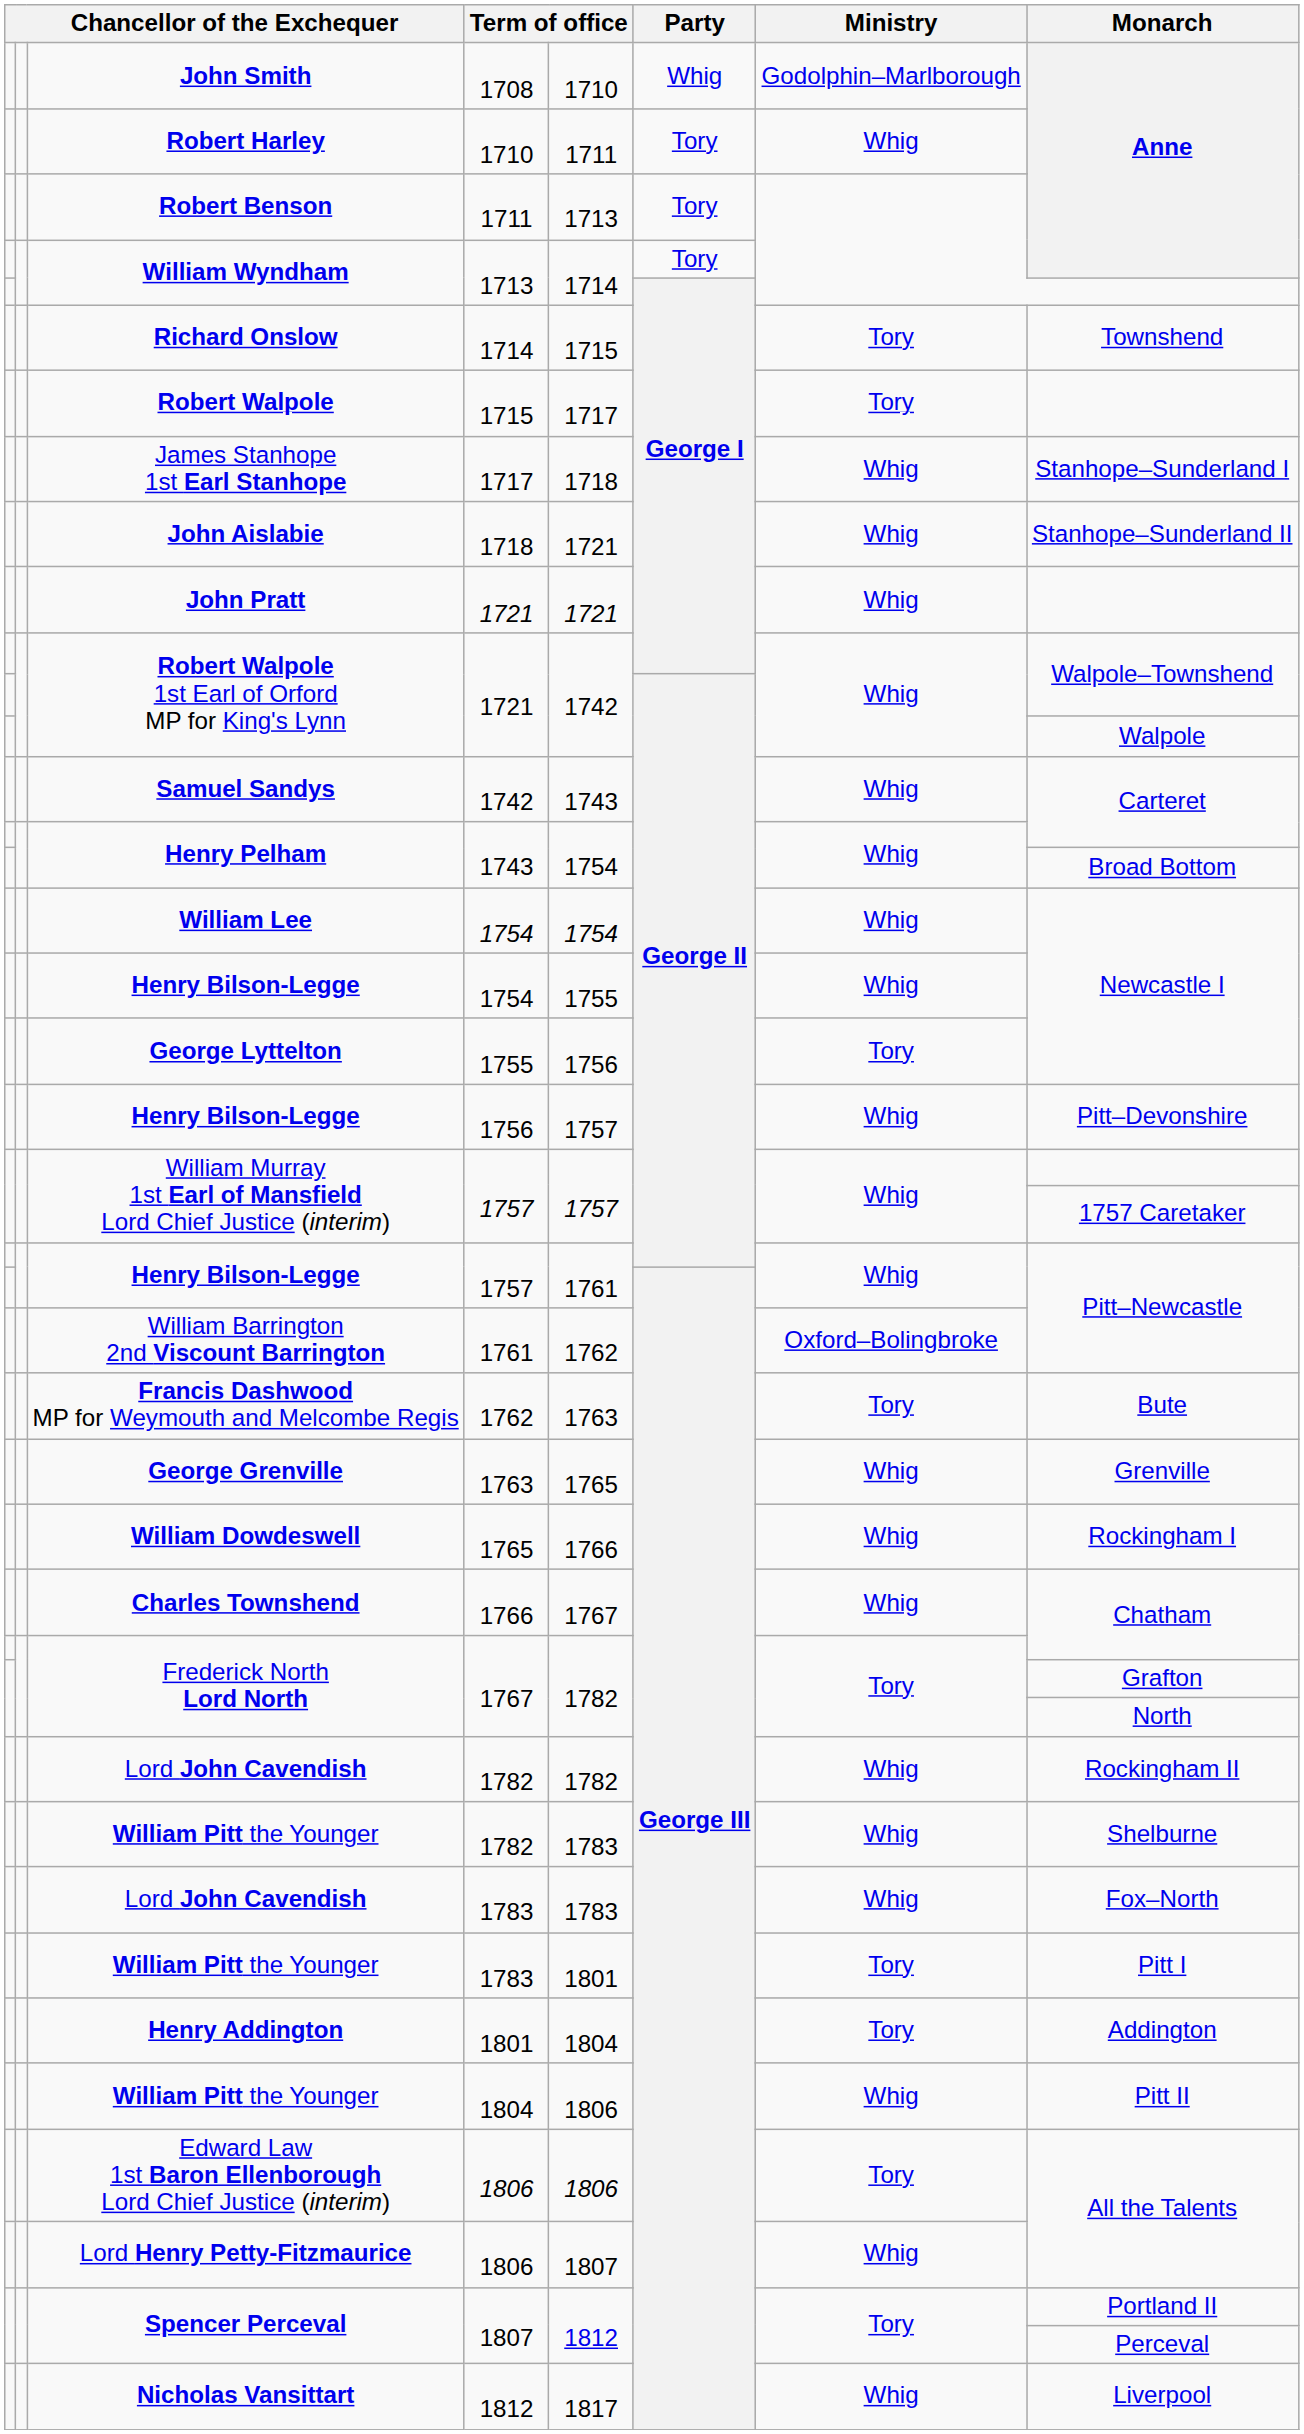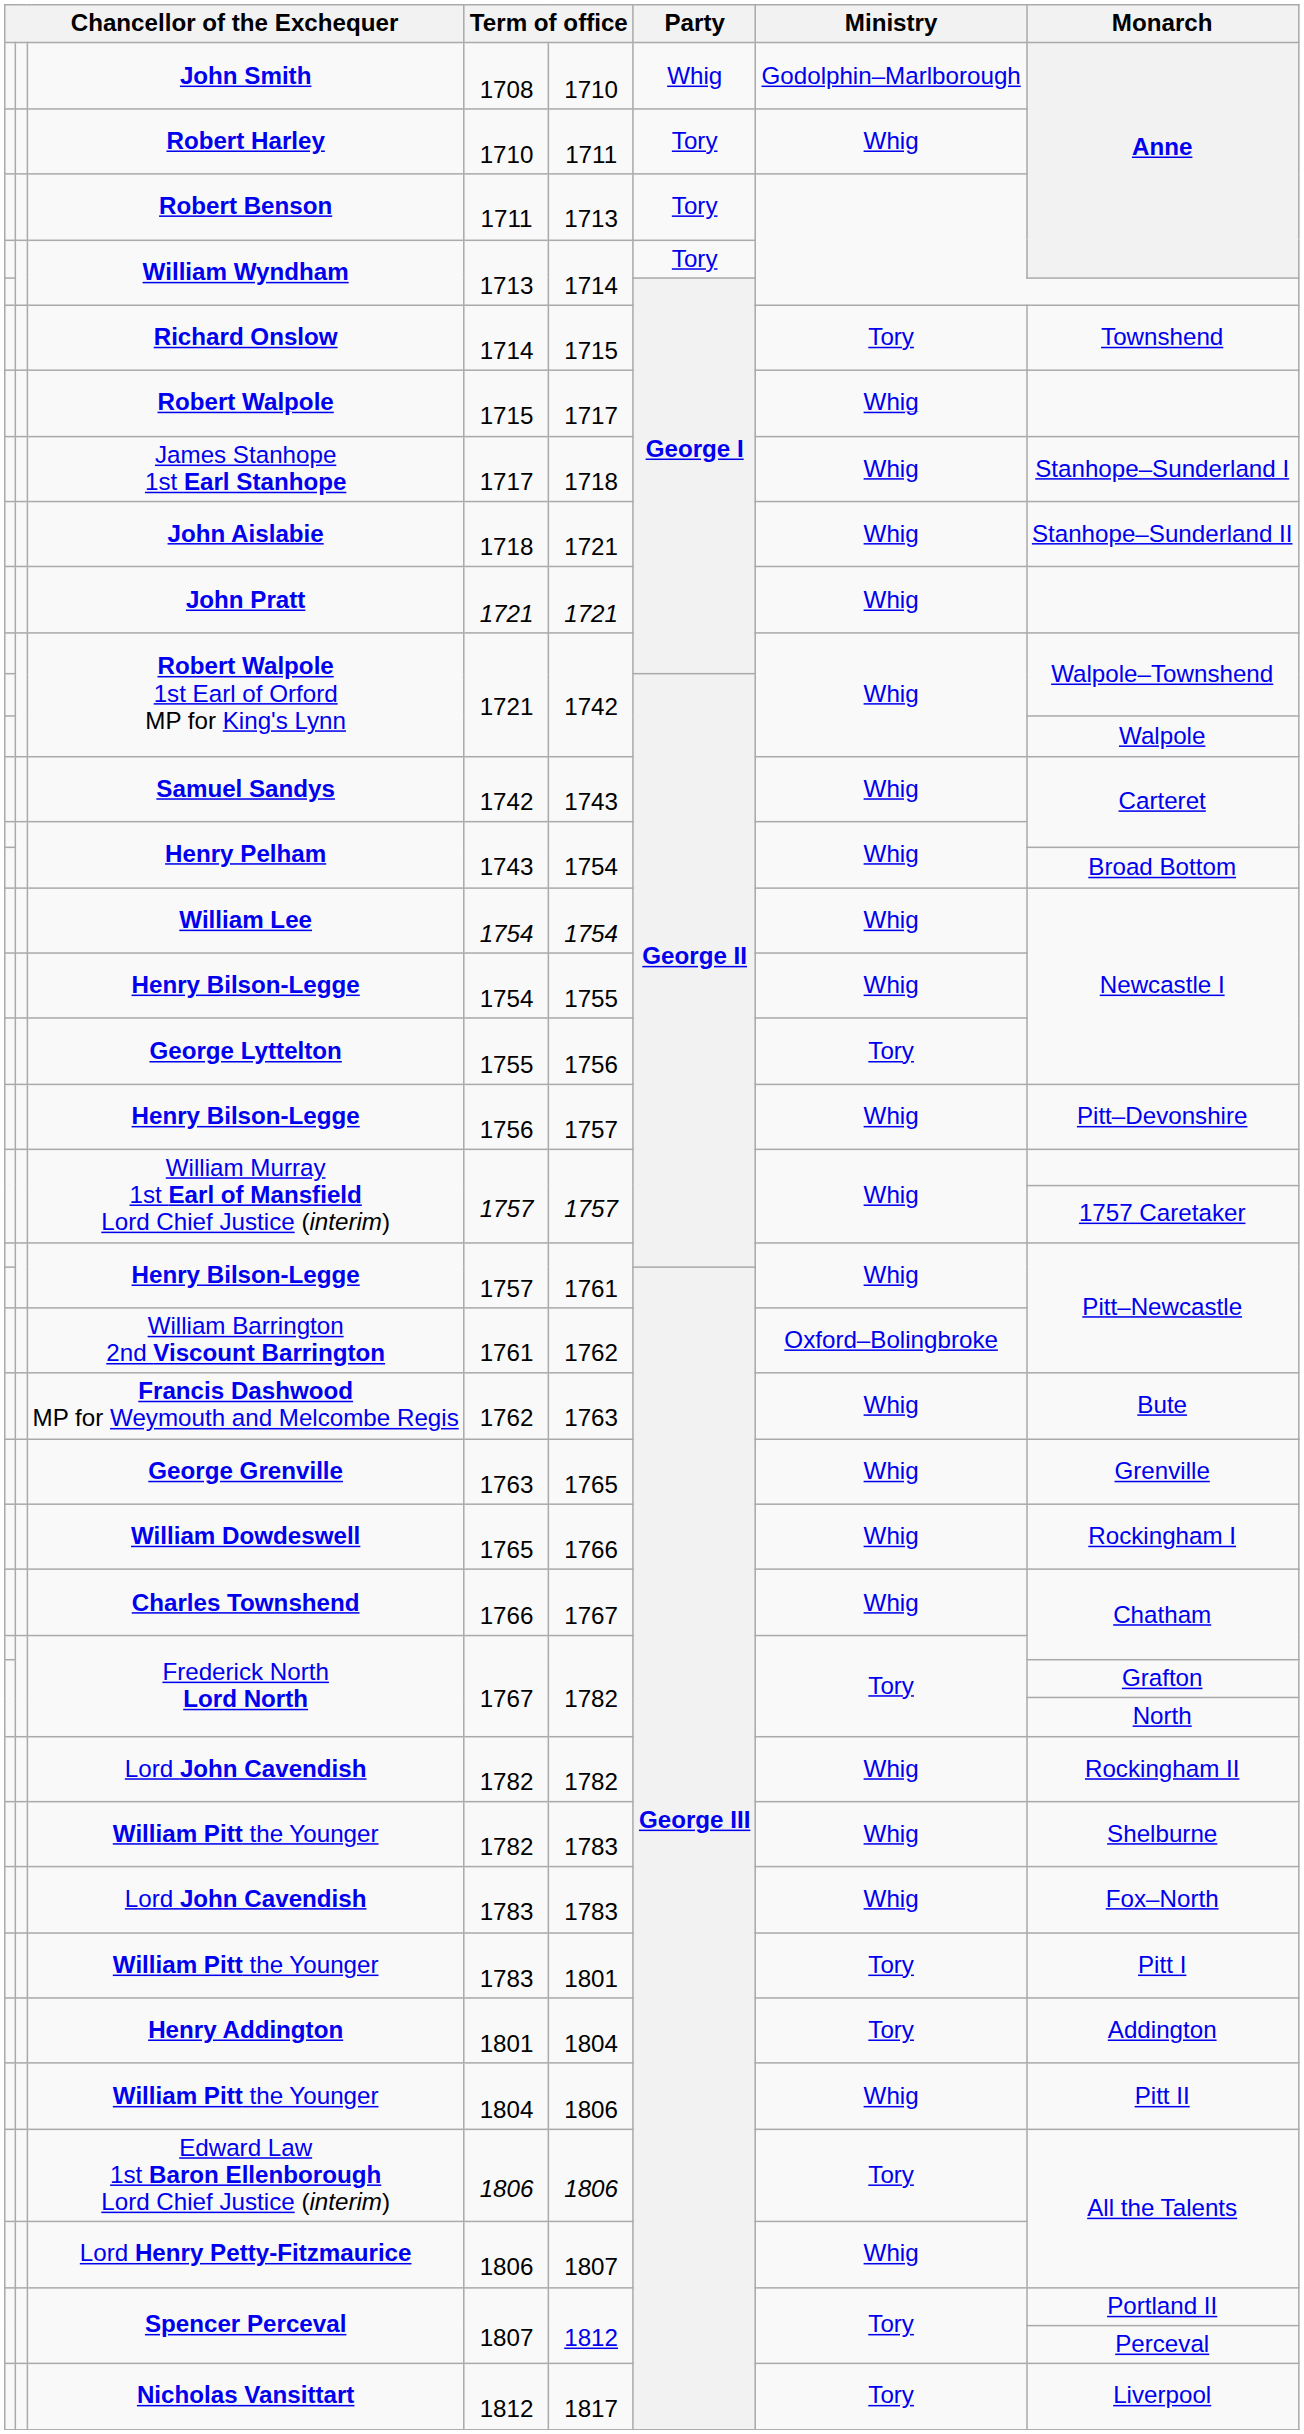 <table class="wikitable plainrowheaders" style="text-align:center">
 <tr>
 <th colspan=3>Chancellor of the Exchequer</th>
 <th colspan=2>Term of office</th>
 <th>Party</th>
 <th>Ministry</th>
 <th>Monarch<br></th>
 </tr>
 <tr style="height:1em">
 <td style="background-color:"></td>
 <td></td>
 <td><a href='#'><strong>John Smith</strong></a><br></td>
 <td class=nowrap><br>1708</td>
 <td class=nowrap><br>1710</td>
 <td><a href='#'>Whig</a></td>
 <td><a href='#'>Godolphin–Marlborough</a><br></td>
 <th scope=row style="text-align:center" rowspan=4><strong><a href='#'>Anne</a></strong><br><br></th>
 </tr>
 <tr style="height:1em">
 <td style="background-color:"></td>
 <td></td>
 <td><a href='#'><strong>Robert Harley</strong></a><br></td>
 <td class=nowrap><br>1710</td>
 <td class=nowrap><br>1711</td>
 <td><a href='#'>Tory</a></td>
 <td><a href='#'>Whig</a></td>
 </tr>
 <tr style="height:1em">
 <td style="background-color:"></td>
 <td></td>
 <td><a href='#'><strong>Robert Benson</strong></a><br></td>
 <td class=nowrap><br>1711</td>
 <td class=nowrap><br>1713</td>
 <td><a href='#'>Tory</a></td>
 </tr>
 <tr style="height:1em">
 <td style="background-color:"></td>
 <td rowspan=2></td>
 <td rowspan=2><a href='#'><strong>William Wyndham</strong></a><br></td>
 <td class=nowrap rowspan=2><br>1713</td>
 <td class=nowrap rowspan=2><br>1714</td>
 <td><a href='#'>Tory</a></td>
 </tr>
 <tr style="height:1em">
 <td style="background-color:"></td>
 <th scope=row style="text-align:center" rowspan=7><strong><a href='#'>George I</a></strong><br><br><br></th>
 </tr>
 <tr style="height:1em">
 <td style="background-color:"></td>
 <td></td>
 <td><a href='#'><strong>Richard Onslow</strong></a><br></td>
 <td class=nowrap><br>1714</td>
 <td class=nowrap><br>1715</td>
 <td><a href='#'>Tory</a></td>
 <td><a href='#'>Townshend</a></td>
 </tr>
 <tr style="height:1em">
 <td style="background-color:"></td>
 <td></td>
 <td><strong><a href='#'>Robert Walpole</a></strong><br></td>
 <td class=nowrap><br>1715</td>
 <td class=nowrap><br>1717</td>
-<td><a href='#'>Tory</a></td>
+<td><a href='#'>Whig</a></td>
 </tr>
 <tr style="height:1em">
 <td style="background-color:"></td>
 <td></td>
 <td><a href='#'>James Stanhope<br>1st <strong>Earl Stanhope</strong></a></td>
 <td class=nowrap><br>1717</td>
 <td class=nowrap><br>1718</td>
 <td><a href='#'>Whig</a></td>
 <td><a href='#'>Stanhope–Sunderland I</a></td>
 </tr>
 <tr style="height:1em">
 <td style="background-color:"></td>
 <td></td>
 <td><strong><a href='#'>John Aislabie</a></strong><br></td>
 <td class=nowrap><br>1718</td>
 <td class=nowrap><br>1721</td>
 <td><a href='#'>Whig</a></td>
 <td><a href='#'>Stanhope–Sunderland II</a></td>
 </tr>
 <tr style="height:1em">
 <td style="background-color:"></td>
 <td></td>
 <td><a href='#'><strong>John Pratt</strong></a><br></td>
 <td class=nowrap><em><br>1721</em></td>
 <td class=nowrap><em><br>1721</em></td>
 <td><a href='#'>Whig</a></td>
 </tr>
 <tr style="height:1em">
 <td height=20 style="background-color:"></td>
 <td rowspan=3></td>
 <td rowspan=3 class=nowrap><a href='#'><strong>Robert Walpole</strong><br>1st Earl of Orford</a><br>MP for <a href='#'>King's Lynn</a></td>
 <td rowspan=3 class=nowrap><br>1721</td>
 <td rowspan=3 class=nowrap><br>1742</td>
 <td rowspan=3 ><a href='#'>Whig</a></td>
 <td rowspan=2 ><a href='#'>Walpole–Townshend</a></td>
 </tr>
 <tr style="height:1em">
 <td height=20 style="background-color:"></td>
 <th scope=row style="text-align:center" rowspan=12><strong><a href='#'>George II</a></strong><br><br></th>
 </tr>
 <tr style="height:1em">
 <td height=20 style="background-color:"></td>
 <td><a href='#'>Walpole</a></td>
 </tr>
 <tr style="height:1em">
 <td style="background-color:"></td>
 <td></td>
 <td><a href='#'><strong>Samuel Sandys</strong></a><br></td>
 <td class=nowrap><br>1742</td>
 <td class=nowrap><br>1743</td>
 <td><a href='#'>Whig</a></td>
 <td rowspan=2 ><a href='#'>Carteret</a></td>
 </tr>
 <tr style="height:1em">
 <td style="background-color:"></td>
 <td rowspan=2></td>
 <td rowspan=2><strong><a href='#'>Henry Pelham</a></strong><br></td>
 <td rowspan=2 class=nowrap><br>1743</td>
 <td rowspan=2 class=nowrap><br>1754</td>
 <td rowspan=2 ><a href='#'>Whig</a></td>
 </tr>
 <tr style="height:1em">
 <td style="background-color:"></td>
 <td><a href='#'>Broad Bottom<br></a></td>
 </tr>
 <tr style="height:1em">
 <td style="background-color:"></td>
 <td></td>
 <td><a href='#'><strong>William Lee</strong></a><br></td>
 <td class=nowrap><em><br>1754</em></td>
 <td class=nowrap><em><br>1754</em></td>
 <td><a href='#'>Whig</a></td>
 <td rowspan=3 ><a href='#'>Newcastle I</a></td>
 </tr>
 <tr style="height:1em">
 <td style="background-color:"></td>
 <td></td>
 <td><strong><a href='#'>Henry Bilson-Legge</a></strong><br></td>
 <td class=nowrap><br>1754</td>
 <td class=nowrap><br>1755</td>
 <td><a href='#'>Whig</a></td>
 </tr>
 <tr style="height:1em">
 <td style="background-color:"></td>
 <td></td>
 <td><a href='#'><strong>George Lyttelton</strong></a><br></td>
 <td class=nowrap><br>1755</td>
 <td class=nowrap><br>1756</td>
 <td><a href='#'>Tory</a></td>
 </tr>
 <tr style="height:1em">
 <td style="background-color:"></td>
 <td></td>
 <td><strong><a href='#'>Henry Bilson-Legge</a></strong><br></td>
 <td class=nowrap><br>1756</td>
 <td class=nowrap><br>1757</td>
 <td><a href='#'>Whig</a></td>
 <td><a href='#'>Pitt–Devonshire</a></td>
 </tr>
 <tr style="height:1em">
 <td rowspan=2 style="background-color:"></td>
 <td rowspan=2></td>
 <td rowspan=2><a href='#'>William Murray<br>1st <strong>Earl of Mansfield</strong></a><br><a href='#'>Lord Chief Justice</a> (<em>interim</em>)</td>
 <td class=nowrap rowspan=2><em><br>1757</em></td>
 <td class=norwap rowspan=2><em><br>1757</em></td>
 <td rowspan=2 ><a href='#'>Whig</a></td>
 </tr>
 <tr style="height:1em">
 <td><a href='#'>1757 Caretaker</a></td>
 </tr>
 <tr style="height:1em">
 <td style="background-color:"></td>
 <td rowspan=2></td>
 <td rowspan=2><strong><a href='#'>Henry Bilson-Legge</a></strong><br></td>
 <td class=nowrap rowspan=2><br>1757</td>
 <td class=nowrap rowspan=2><br>1761</td>
 <td rowspan=2 ><a href='#'>Whig</a></td>
 <td rowspan=3 ><a href='#'>Pitt–Newcastle</a></td>
 </tr>
 <tr style="height:1em">
 <td style="background-color:"></td>
 <th scope=row style="text-align:center" rowspan=20><strong><a href='#'>George III</a></strong><br><br><br></th>
 </tr>
 <tr style="height:1em">
 <td style="background-color:"></td>
 <td></td>
 <td><a href='#'>William Barrington<br>2nd <strong>Viscount Barrington</strong></a><br></td>
 <td class=nowrap><br>1761</td>
 <td class=nowrap><br>1762</td>
 <td><a href='#'>Oxford–Bolingbroke</a></td>
 </tr>
 <tr style="height:1em">
 <td style="background-color:"></td>
 <td></td>
 <td><a href='#'><strong>Francis Dashwood</strong></a><br>MP for <a href='#'>Weymouth and Melcombe Regis</a></td>
 <td class=nowrap><br>1762</td>
 <td class=nowrap><br>1763</td>
-<td><a href='#'>Tory</a></td>
+<td><a href='#'>Whig</a></td>
 <td><a href='#'>Bute</a><br></td>
 </tr>
 <tr style="height:1em">
 <td style="background-color:"></td>
 <td></td>
 <td><strong><a href='#'>George Grenville</a></strong><br></td>
 <td class=nowrap><br>1763</td>
 <td class=nowrap><br>1765</td>
 <td><a href='#'>Whig</a></td>
 <td><a href='#'>Grenville</a><br></td>
 </tr>
 <tr style="height:1em">
 <td style="background-color:"></td>
 <td></td>
 <td><a href='#'><strong>William Dowdeswell</strong></a><br></td>
 <td class=nowrap><br>1765</td>
 <td class=nowrap><br>1766</td>
 <td><a href='#'>Whig</a></td>
 <td><a href='#'>Rockingham I</a></td>
 </tr>
 <tr style="height:1em">
 <td style="background-color:"></td>
 <td></td>
 <td><strong><a href='#'>Charles Townshend</a></strong><br></td>
 <td class=nowrap><br>1766</td>
 <td class=nowrap><br>1767</td>
 <td><a href='#'>Whig</a></td>
 <td rowspan=2 ><a href='#'>Chatham</a><br></td>
 </tr>
 <tr style="height:1em">
 <td style="background-color:"></td>
 <td rowspan=3></td>
 <td rowspan=3><a href='#'>Frederick North<br><strong>Lord North</strong></a><br></td>
 <td rowspan=3 class=nowrap><br>1767</td>
 <td rowspan=3 class=nowrap><br>1782</td>
 <td rowspan=3 ><a href='#'>Tory</a></td>
 </tr>
 <tr style="height:1em">
 <td rowspan=2 style="background-color:"></td>
 <td><a href='#'>Grafton</a></td>
 </tr>
 <tr style="height:1em">
 <td><a href='#'>North</a></td>
 </tr>
 <tr style="height:1em">
 <td style="background-color:"></td>
 <td></td>
 <td><a href='#'>Lord <strong>John Cavendish</strong></a><br></td>
 <td class=nowrap><br>1782</td>
 <td class=nowrap><br>1782</td>
 <td><a href='#'>Whig</a></td>
 <td><a href='#'>Rockingham II</a></td>
 </tr>
 <tr style="height:1em">
 <td style="background-color:"></td>
 <td></td>
 <td><a href='#'><strong>William Pitt</strong> the Younger</a><br></td>
 <td class=nowrap><br>1782</td>
 <td class=nowrap><br>1783</td>
 <td><a href='#'>Whig</a></td>
 <td><a href='#'>Shelburne</a><br></td>
 </tr>
 <tr style="height:1em">
 <td style="background-color:"></td>
 <td></td>
 <td><a href='#'>Lord <strong>John Cavendish</strong></a><br></td>
 <td class=nowrap><br>1783</td>
 <td class=nowrap><br>1783</td>
 <td><a href='#'>Whig</a></td>
 <td><a href='#'>Fox–North</a></td>
 </tr>
 <tr style="height:1em">
 <td style="background-color:"></td>
 <td></td>
 <td><a href='#'><strong>William Pitt</strong> the Younger</a><br></td>
 <td class=nowrap><br>1783</td>
 <td class=nowrap><br>1801</td>
 <td><a href='#'>Tory</a></td>
 <td><a href='#'>Pitt I</a></td>
 </tr>
 <tr style="height:1em">
 <td style="background-color:"></td>
 <td></td>
 <td><a href='#'><strong>Henry Addington</strong></a><br></td>
 <td class=nowrap><br>1801</td>
 <td class=nowrap><br>1804</td>
 <td><a href='#'>Tory</a></td>
 <td><a href='#'>Addington</a></td>
 </tr>
 <tr style="height:1em">
 <td style="background-color:"></td>
 <td></td>
 <td><a href='#'><strong>William Pitt</strong> the Younger</a><br></td>
 <td class=nowrap><br>1804</td>
 <td class=nowrap><br>1806</td>
 <td><a href='#'>Whig</a></td>
 <td><a href='#'>Pitt II</a></td>
 </tr>
 <tr style="height:1em">
 <td style="background-color:"></td>
 <td></td>
 <td><a href='#'>Edward Law<br>1st <strong>Baron Ellenborough</strong></a><br><a href='#'>Lord Chief Justice</a> (<em>interim</em>)</td>
 <td class=nowrap><em><br>1806</em></td>
 <td class=nowrap><em><br>1806</em></td>
 <td><a href='#'>Tory</a></td>
 <td rowspan=2 ><a href='#'>All the Talents</a><br></td>
 </tr>
 <tr style="height:1em">
 <td style="background-color:"></td>
 <td></td>
 <td><a href='#'>Lord <strong>Henry Petty-Fitzmaurice</strong></a><br></td>
 <td class=nowrap><br>1806</td>
 <td class=nowrap><br>1807</td>
 <td><a href='#'>Whig</a></td>
 </tr>
 <tr style="height:1em">
 <td rowspan=2 style="background-color:"></td>
 <td rowspan=2></td>
 <td rowspan=2><strong><a href='#'>Spencer Perceval</a></strong><br></td>
 <td class=nowrap rowspan=2><br>1807</td>
 <td class=nowrap rowspan=2><a href='#'><br>1812</a></td>
 <td rowspan=2 ><a href='#'>Tory</a></td>
 <td><a href='#'>Portland II</a></td>
 </tr>
 <tr style="height:1em">
 <td><a href='#'>Perceval</a></td>
 </tr>
 <tr style="height:1em">
 <td style="background-color:"></td>
 <td></td>
 <td><a href='#'><strong>Nicholas Vansittart</strong></a><br></td>
 <td class=nowrap><br>1812</td>
 <td class=nowrap><br>1817</td>
-<td><a href='#'>Whig</a></td>
+<td><a href='#'>Tory</a></td>
 <td><a href='#'>Liverpool</a></td>
 </tr>
 </table>
